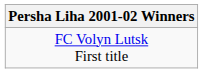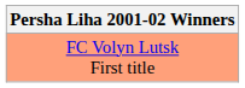 <table class="wikitable" style="text-align: center; margin: 0 auto;">
 <tr>
 <th>Persha Liha 2001-02 Winners</th>
 </tr>
 <tr>
-<td><a href='#'>FC Volyn Lutsk</a><br>First title</td>
+<td style="background: lightsalmon;"><a href='#'>FC Volyn Lutsk</a><br>First title</td>
 </tr>
 </table>
